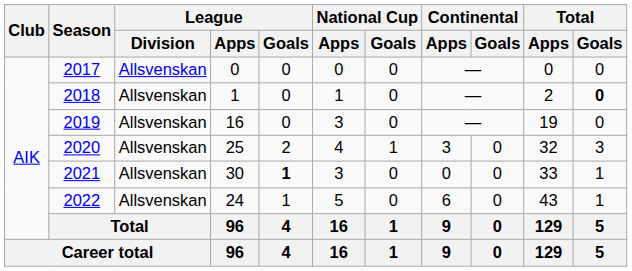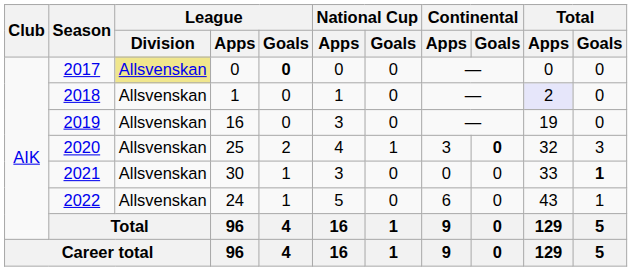 <table class="wikitable" style="text-align: center;">
 <tr>
 <th rowspan="2">Club</th>
 <th rowspan="2">Season</th>
 <th colspan="3">League</th>
 <th colspan="2">National Cup</th>
 <th colspan="2">Continental</th>
 <th colspan="2">Total</th>
 </tr>
 <tr>
 <th>Division</th>
 <th>Apps</th>
 <th>Goals</th>
 <th>Apps</th>
 <th>Goals</th>
 <th>Apps</th>
 <th>Goals</th>
 <th>Apps</th>
 <th>Goals</th>
 </tr>
 <tr>
 <td rowspan="7" valign="center"><br><a href='#'>AIK</a></td>
 <td><a href='#'>2017</a></td>
-<td valign="center"><a href='#'>Allsvenskan</a></td>
+<td valign="center" style="background: khaki;"><a href='#'>Allsvenskan</a></td>
 <td>0</td>
-<td>0</td>
+<td><strong>0</strong></td>
 <td>0</td>
 <td>0</td>
 <td colspan="2">—</td>
 <td>0</td>
 <td>0</td>
 </tr>
 <tr>
 <td><a href='#'>2018</a></td>
 <td>Allsvenskan</td>
 <td>1</td>
 <td>0</td>
 <td>1</td>
 <td>0</td>
 <td colspan="2">—</td>
-<td>2</td>
-<td><strong>0</strong></td>
+<td style="background: lavender;">2</td>
+<td>0</td>
 </tr>
 <tr>
 <td><a href='#'>2019</a></td>
 <td>Allsvenskan</td>
 <td>16</td>
 <td>0</td>
 <td>3</td>
 <td>0</td>
 <td colspan="2">—</td>
 <td>19</td>
 <td>0</td>
 </tr>
 <tr>
 <td><a href='#'>2020</a></td>
 <td>Allsvenskan</td>
 <td>25</td>
 <td>2</td>
 <td>4</td>
 <td>1</td>
 <td>3</td>
-<td>0</td>
+<td><strong>0</strong></td>
 <td>32</td>
 <td>3</td>
 </tr>
 <tr>
 <td><a href='#'>2021</a></td>
 <td>Allsvenskan</td>
 <td>30</td>
-<td><strong>1</strong></td>
+<td>1</td>
 <td>3</td>
 <td>0</td>
 <td>0</td>
 <td>0</td>
 <td>33</td>
-<td>1</td>
+<td><strong>1</strong></td>
 </tr>
 <tr>
 <td><a href='#'>2022</a></td>
 <td>Allsvenskan</td>
 <td>24</td>
 <td>1</td>
 <td>5</td>
 <td>0</td>
 <td>6</td>
 <td>0</td>
 <td>43</td>
 <td>1</td>
 </tr>
 <tr>
 <th colspan="2">Total</th>
 <th>96</th>
 <th>4</th>
 <th>16</th>
 <th>1</th>
 <th>9</th>
 <th>0</th>
 <th>129</th>
 <th>5</th>
 </tr>
 <tr>
 <th colspan="3">Career total</th>
 <th>96</th>
 <th>4</th>
 <th>16</th>
 <th>1</th>
 <th>9</th>
 <th>0</th>
 <th>129</th>
 <th>5</th>
 </tr>
 </table>
